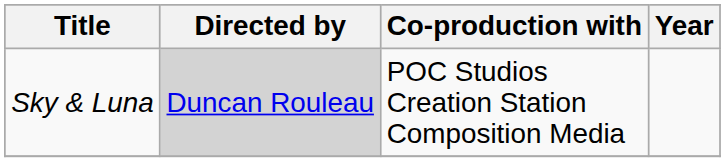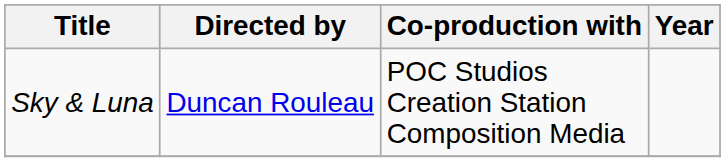 <table class="wikitable sortable">
 <tr>
 <th>Title</th>
 <th>Directed by</th>
 <th>Co-production with</th>
 <th>Year</th>
 </tr>
 <tr>
 <td><em>Sky & Luna</em></td>
-<td style="background: lightgrey;"><a href='#'>Duncan Rouleau</a></td>
+<td><a href='#'>Duncan Rouleau</a></td>
 <td>POC Studios <br> Creation Station <br> Composition Media</td>
 <td></td>
 </tr>
 <tr>
 </tr>
 </table>
